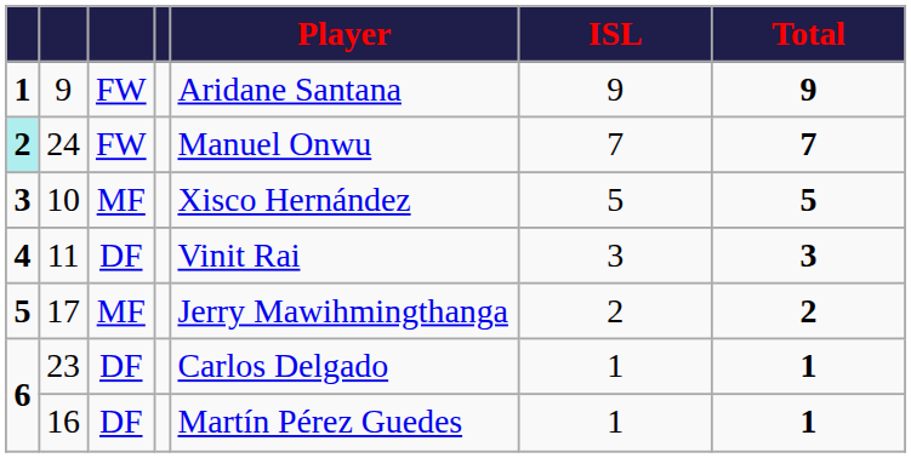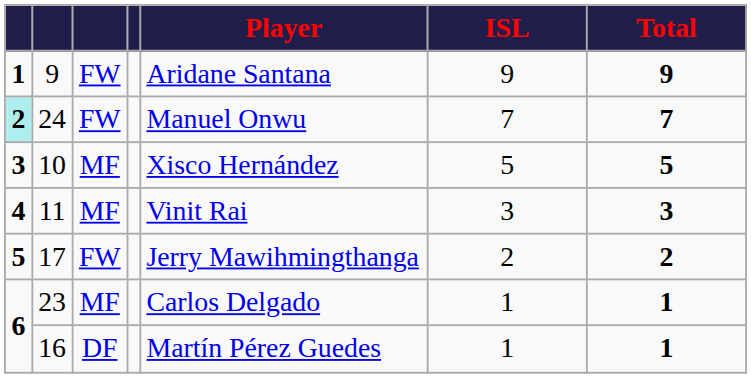 <table class="wikitable" style="font-size: 95%; text-align: center;">
 <tr>
 <th rowspan="1" style="background:#1f1d4a; color:#FF0000; !width=15"></th>
 <th rowspan="1" style="background:#1f1d4a; color:#FF0000; !width=15"></th>
 <th rowspan="1" style="background:#1f1d4a; color:#FF0000; !width=15"></th>
 <th rowspan="1" style="background:#1f1d4a; color:#FF0000; !width=15"></th>
 <th width=150 style="background:#1f1d4a; color:#FF0000;">Player</th>
 <th width=80 style="background:#1f1d4a; color:#FF0000;">ISL</th>
 <th width=80 style="background:#1f1d4a; color:#FF0000;">Total</th>
 </tr>
 <tr>
 <td rowspan=1><strong>1</strong></td>
 <td>9</td>
 <td><a href='#'>FW</a></td>
 <td></td>
 <td align=left><a href='#'>Aridane Santana</a></td>
 <td>9</td>
 <td><strong>9</strong></td>
 </tr>
 <tr>
 <td rowspan=1 style="background: paleturquoise;"><strong>2</strong></td>
 <td>24</td>
 <td><a href='#'>FW</a></td>
 <td></td>
 <td align=left><a href='#'>Manuel Onwu</a></td>
 <td>7</td>
 <td><strong>7</strong></td>
 </tr>
 <tr>
 <td rowspan=1><strong>3</strong></td>
 <td>10</td>
 <td><a href='#'>MF</a></td>
 <td></td>
 <td align=left><a href='#'>Xisco Hernández</a></td>
 <td>5</td>
 <td><strong>5</strong></td>
 </tr>
 <tr>
 <td rowspan=1><strong>4</strong></td>
 <td>11</td>
-<td><a href='#'>DF</a></td>
+<td><a href='#'>MF</a></td>
 <td></td>
 <td align=left><a href='#'>Vinit Rai</a></td>
 <td>3</td>
 <td><strong>3</strong></td>
 </tr>
 <tr>
 <td rowspan=1><strong>5</strong></td>
 <td>17</td>
-<td><a href='#'>MF</a></td>
+<td><a href='#'>FW</a></td>
 <td></td>
 <td align=left><a href='#'>Jerry Mawihmingthanga</a></td>
 <td>2</td>
 <td><strong>2</strong></td>
 </tr>
 <tr>
 <td rowspan=2><strong>6</strong></td>
 <td>23</td>
-<td><a href='#'>DF</a></td>
+<td><a href='#'>MF</a></td>
 <td></td>
 <td align=left><a href='#'>Carlos Delgado</a></td>
 <td>1</td>
 <td><strong>1</strong></td>
 </tr>
 <tr>
 <td>16</td>
 <td><a href='#'>DF</a></td>
 <td></td>
 <td align=left><a href='#'>Martín Pérez Guedes</a></td>
 <td>1</td>
 <td><strong>1</strong></td>
 </tr>
 </table>
